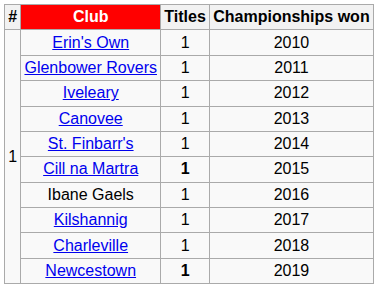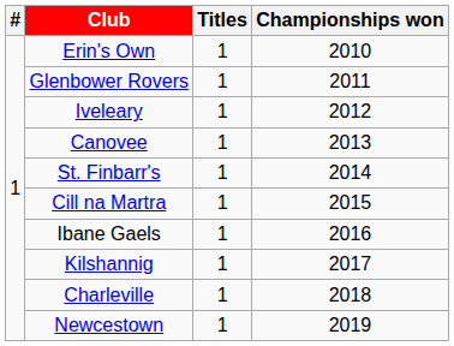 <table class="wikitable sortable" style="text-align:center">
 <tr>
 <th>#</th>
 <th style="background:red;color:white" scope="col">Club</th>
 <th>Titles</th>
 <th>Championships won</th>
 </tr>
 <tr>
 <td rowspan="10">1</td>
 <td><a href='#'>Erin's Own</a></td>
 <td>1</td>
 <td>2010</td>
 </tr>
 <tr>
 <td><a href='#'>Glenbower Rovers</a></td>
 <td>1</td>
 <td>2011</td>
 </tr>
 <tr>
 <td><a href='#'>Iveleary</a></td>
 <td>1</td>
 <td>2012</td>
 </tr>
 <tr>
 <td><a href='#'>Canovee</a></td>
 <td>1</td>
 <td>2013</td>
 </tr>
 <tr>
 <td><a href='#'>St. Finbarr's</a></td>
 <td>1</td>
 <td>2014</td>
 </tr>
 <tr>
 <td><a href='#'>Cill na Martra</a></td>
-<td><strong>1</strong></td>
+<td>1</td>
 <td>2015</td>
 </tr>
 <tr>
 <td>Ibane Gaels</td>
 <td>1</td>
 <td>2016</td>
 </tr>
 <tr>
 <td><a href='#'>Kilshannig</a></td>
 <td>1</td>
 <td>2017</td>
 </tr>
 <tr>
 <td><a href='#'>Charleville</a></td>
 <td>1</td>
 <td>2018</td>
 </tr>
 <tr>
 <td><a href='#'>Newcestown</a></td>
-<td><strong>1</strong></td>
+<td>1</td>
 <td>2019</td>
 </tr>
 </table>
